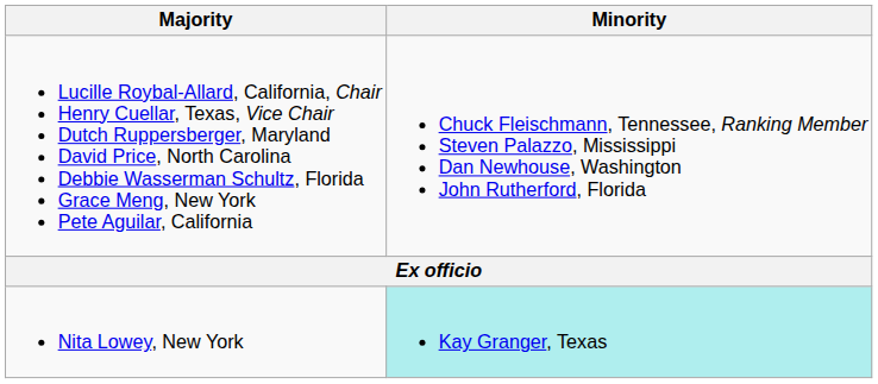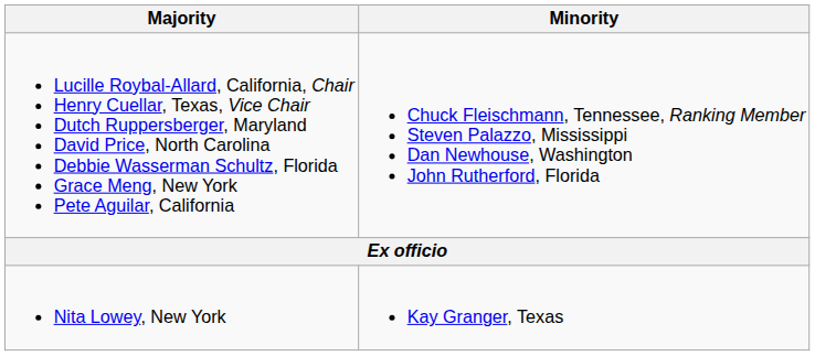 <table class=wikitable>
 <tr>
 <th>Majority</th>
 <th>Minority</th>
 </tr>
 <tr>
 <td><br><ul><li><a href='#'>Lucille Roybal-Allard</a>, California, <em>Chair</em></li><li><a href='#'>Henry Cuellar</a>, Texas, <em>Vice Chair</em></li><li><a href='#'>Dutch Ruppersberger</a>, Maryland</li><li><a href='#'>David Price</a>, North Carolina</li><li><a href='#'>Debbie Wasserman Schultz</a>, Florida</li><li><a href='#'>Grace Meng</a>, New York</li><li><a href='#'>Pete Aguilar</a>, California</li></ul></td>
 <td><br><ul><li><a href='#'>Chuck Fleischmann</a>, Tennessee, <em>Ranking Member</em></li><li><a href='#'>Steven Palazzo</a>, Mississippi</li><li><a href='#'>Dan Newhouse</a>, Washington</li><li><a href='#'>John Rutherford</a>, Florida</li></ul></td>
 </tr>
 <tr>
 <th colspan=2><em>Ex officio</em></th>
 </tr>
 <tr>
 <td><br><ul><li><a href='#'>Nita Lowey</a>, New York</li></ul></td>
-<td style="background: paleturquoise;"><br><ul><li><a href='#'>Kay Granger</a>, Texas</li></ul></td>
+<td><br><ul><li><a href='#'>Kay Granger</a>, Texas</li></ul></td>
 </tr>
 </table>
